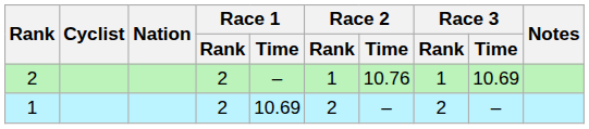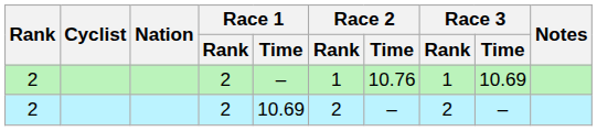 <table class="wikitable sortable" style="text-align:center">
 <tr>
 <th rowspan=2>Rank</th>
 <th rowspan=2>Cyclist</th>
 <th rowspan=2>Nation</th>
 <th colspan=2>Race 1</th>
 <th colspan=2>Race 2</th>
 <th colspan=2>Race 3</th>
 <th rowspan=2>Notes</th>
 </tr>
 <tr>
 <th>Rank</th>
 <th>Time</th>
 <th>Rank</th>
 <th>Time</th>
 <th>Rank</th>
 <th>Time</th>
 </tr>
 <tr bgcolor=bbf3bb>
 <td>2</td>
 <td align=left></td>
 <td align=left></td>
 <td>2</td>
 <td>–</td>
 <td>1</td>
 <td>10.76</td>
 <td>1</td>
 <td>10.69</td>
 <td></td>
 </tr>
 <tr bgcolor=bbf3ff>
-<td>1</td>
+<td>2</td>
 <td align=left></td>
 <td align=left></td>
 <td>2</td>
 <td>10.69</td>
 <td>2</td>
 <td>–</td>
 <td>2</td>
 <td>–</td>
 <td></td>
 </tr>
 </table>
